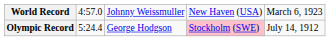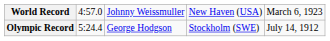 <table class="wikitable" style="font-size:95%;">
 <tr>
 <th>World Record</th>
 <td>4:57.0</td>
 <td> <a href='#'>Johnny Weissmuller</a></td>
 <td><a href='#'>New Haven</a> (<a href='#'>USA</a>)</td>
 <td>March 6, 1923</td>
 </tr>
 <tr>
 <th>Olympic Record</th>
 <td>5:24.4</td>
 <td> <a href='#'>George Hodgson</a></td>
-<td style="background: pink;"><a href='#'>Stockholm</a> (<a href='#'>SWE</a>)</td>
+<td><a href='#'>Stockholm</a> (<a href='#'>SWE</a>)</td>
 <td>July 14, 1912</td>
 </tr>
 </table>
